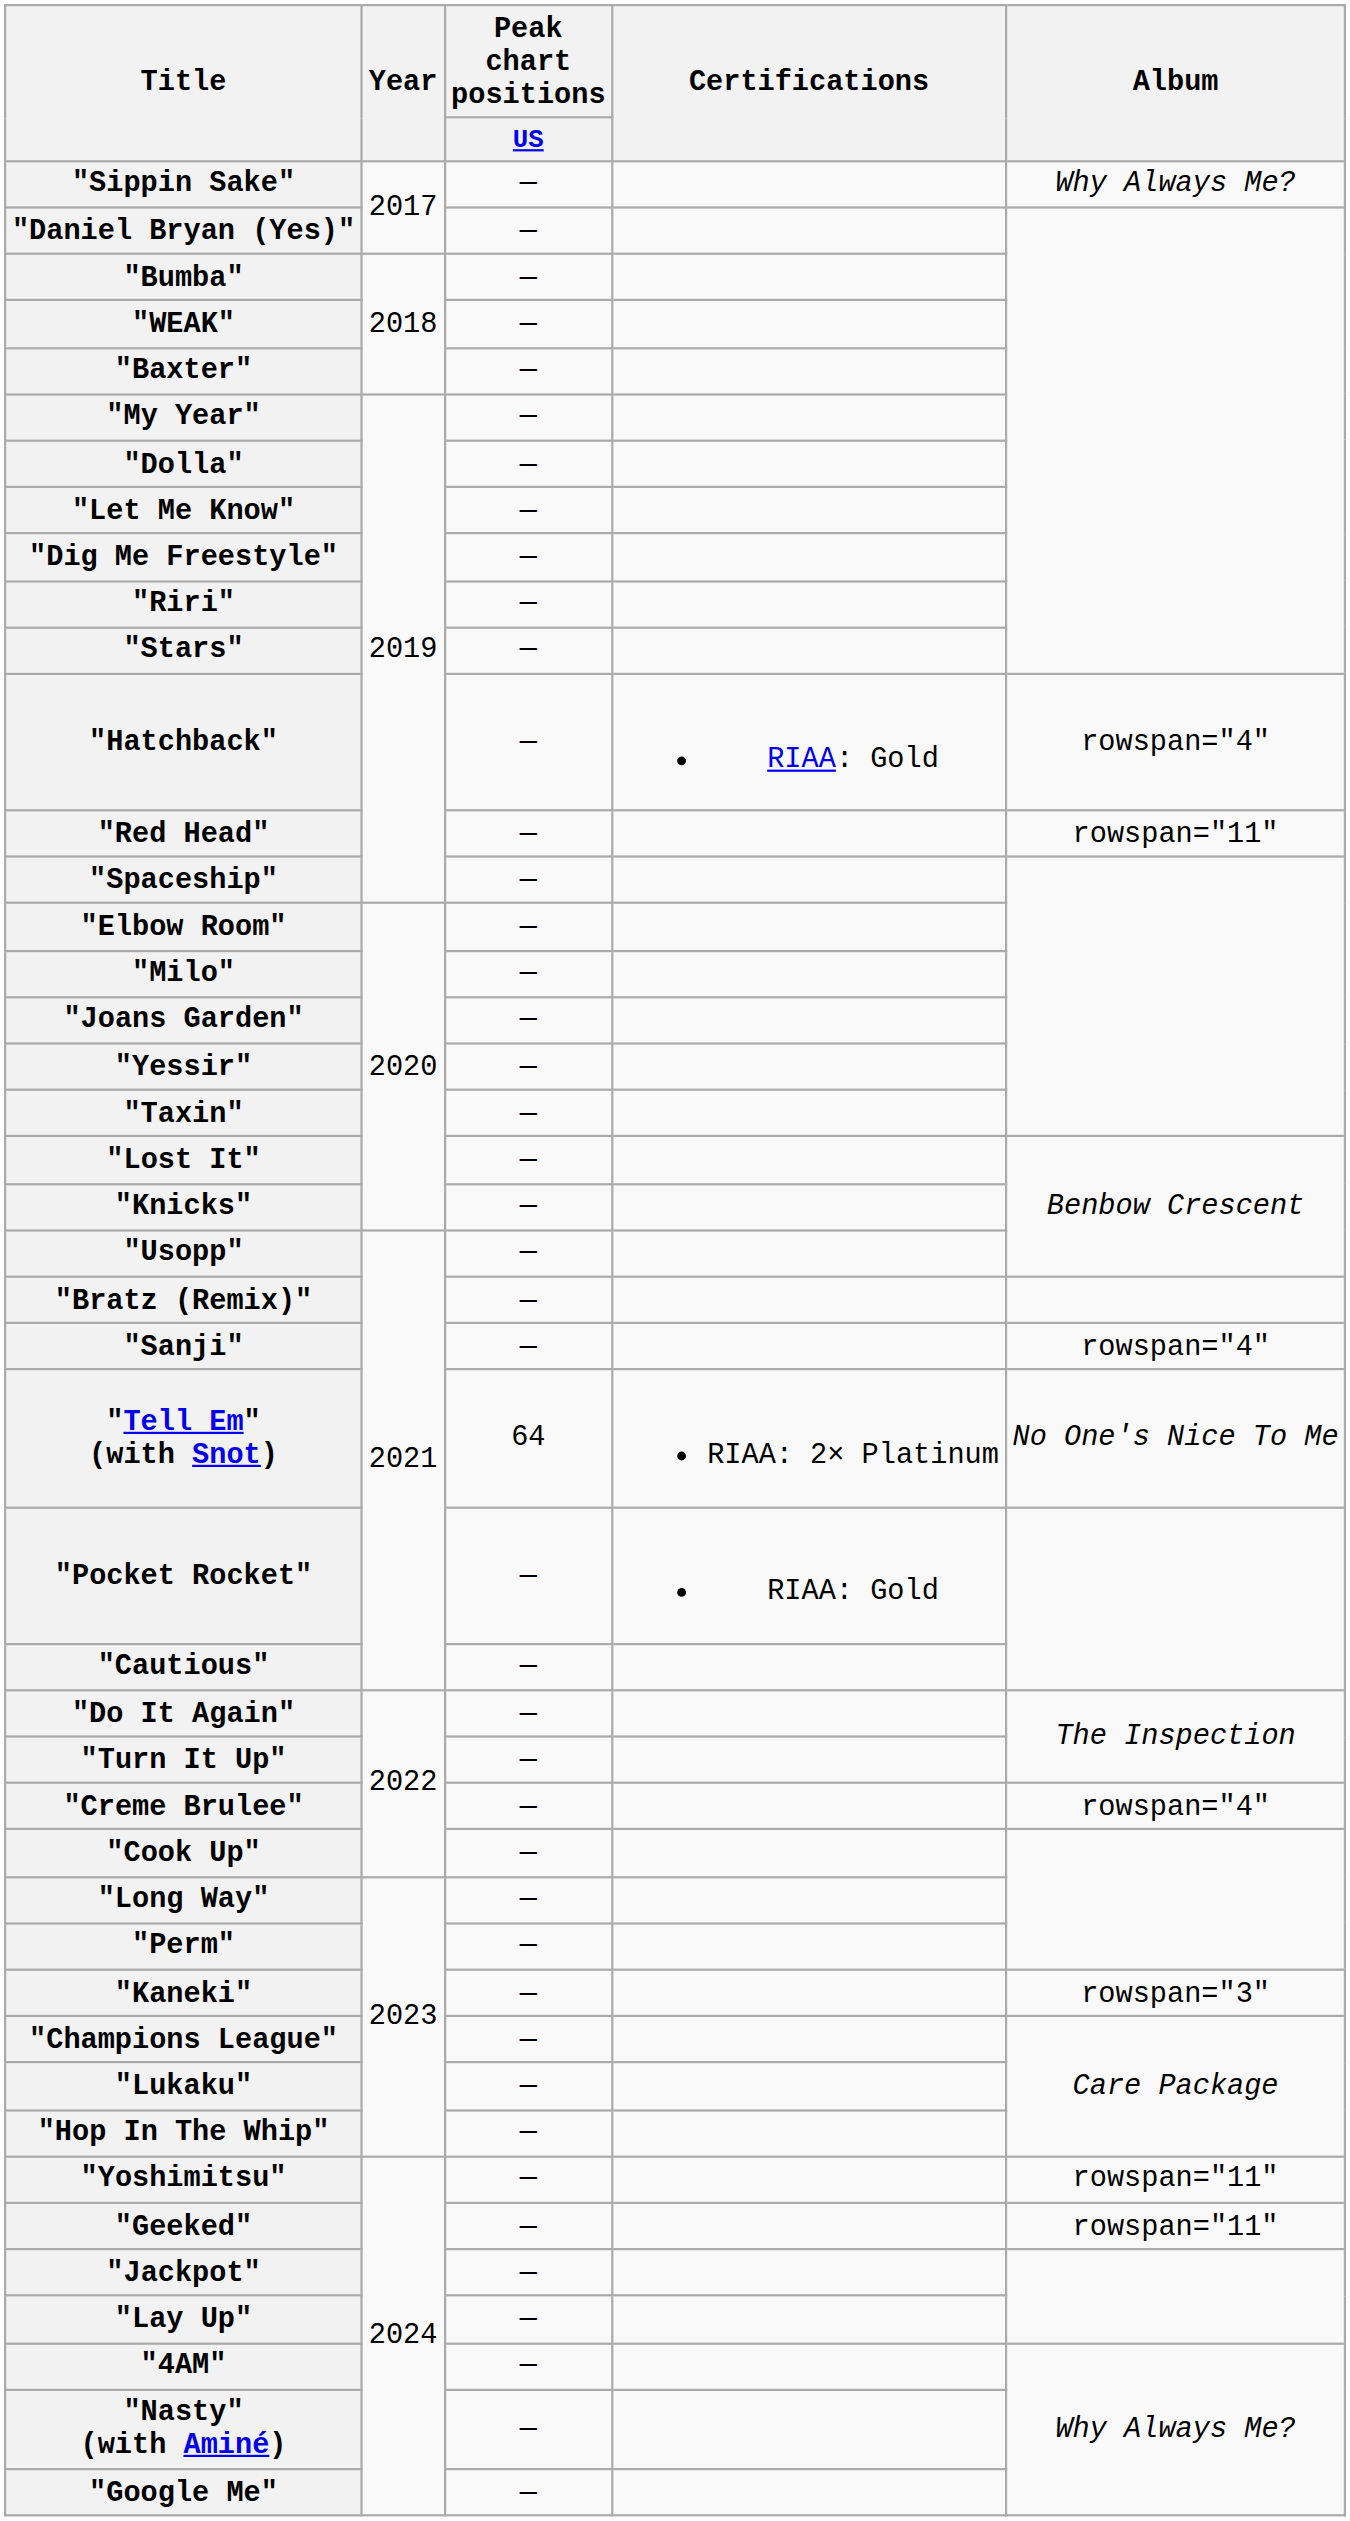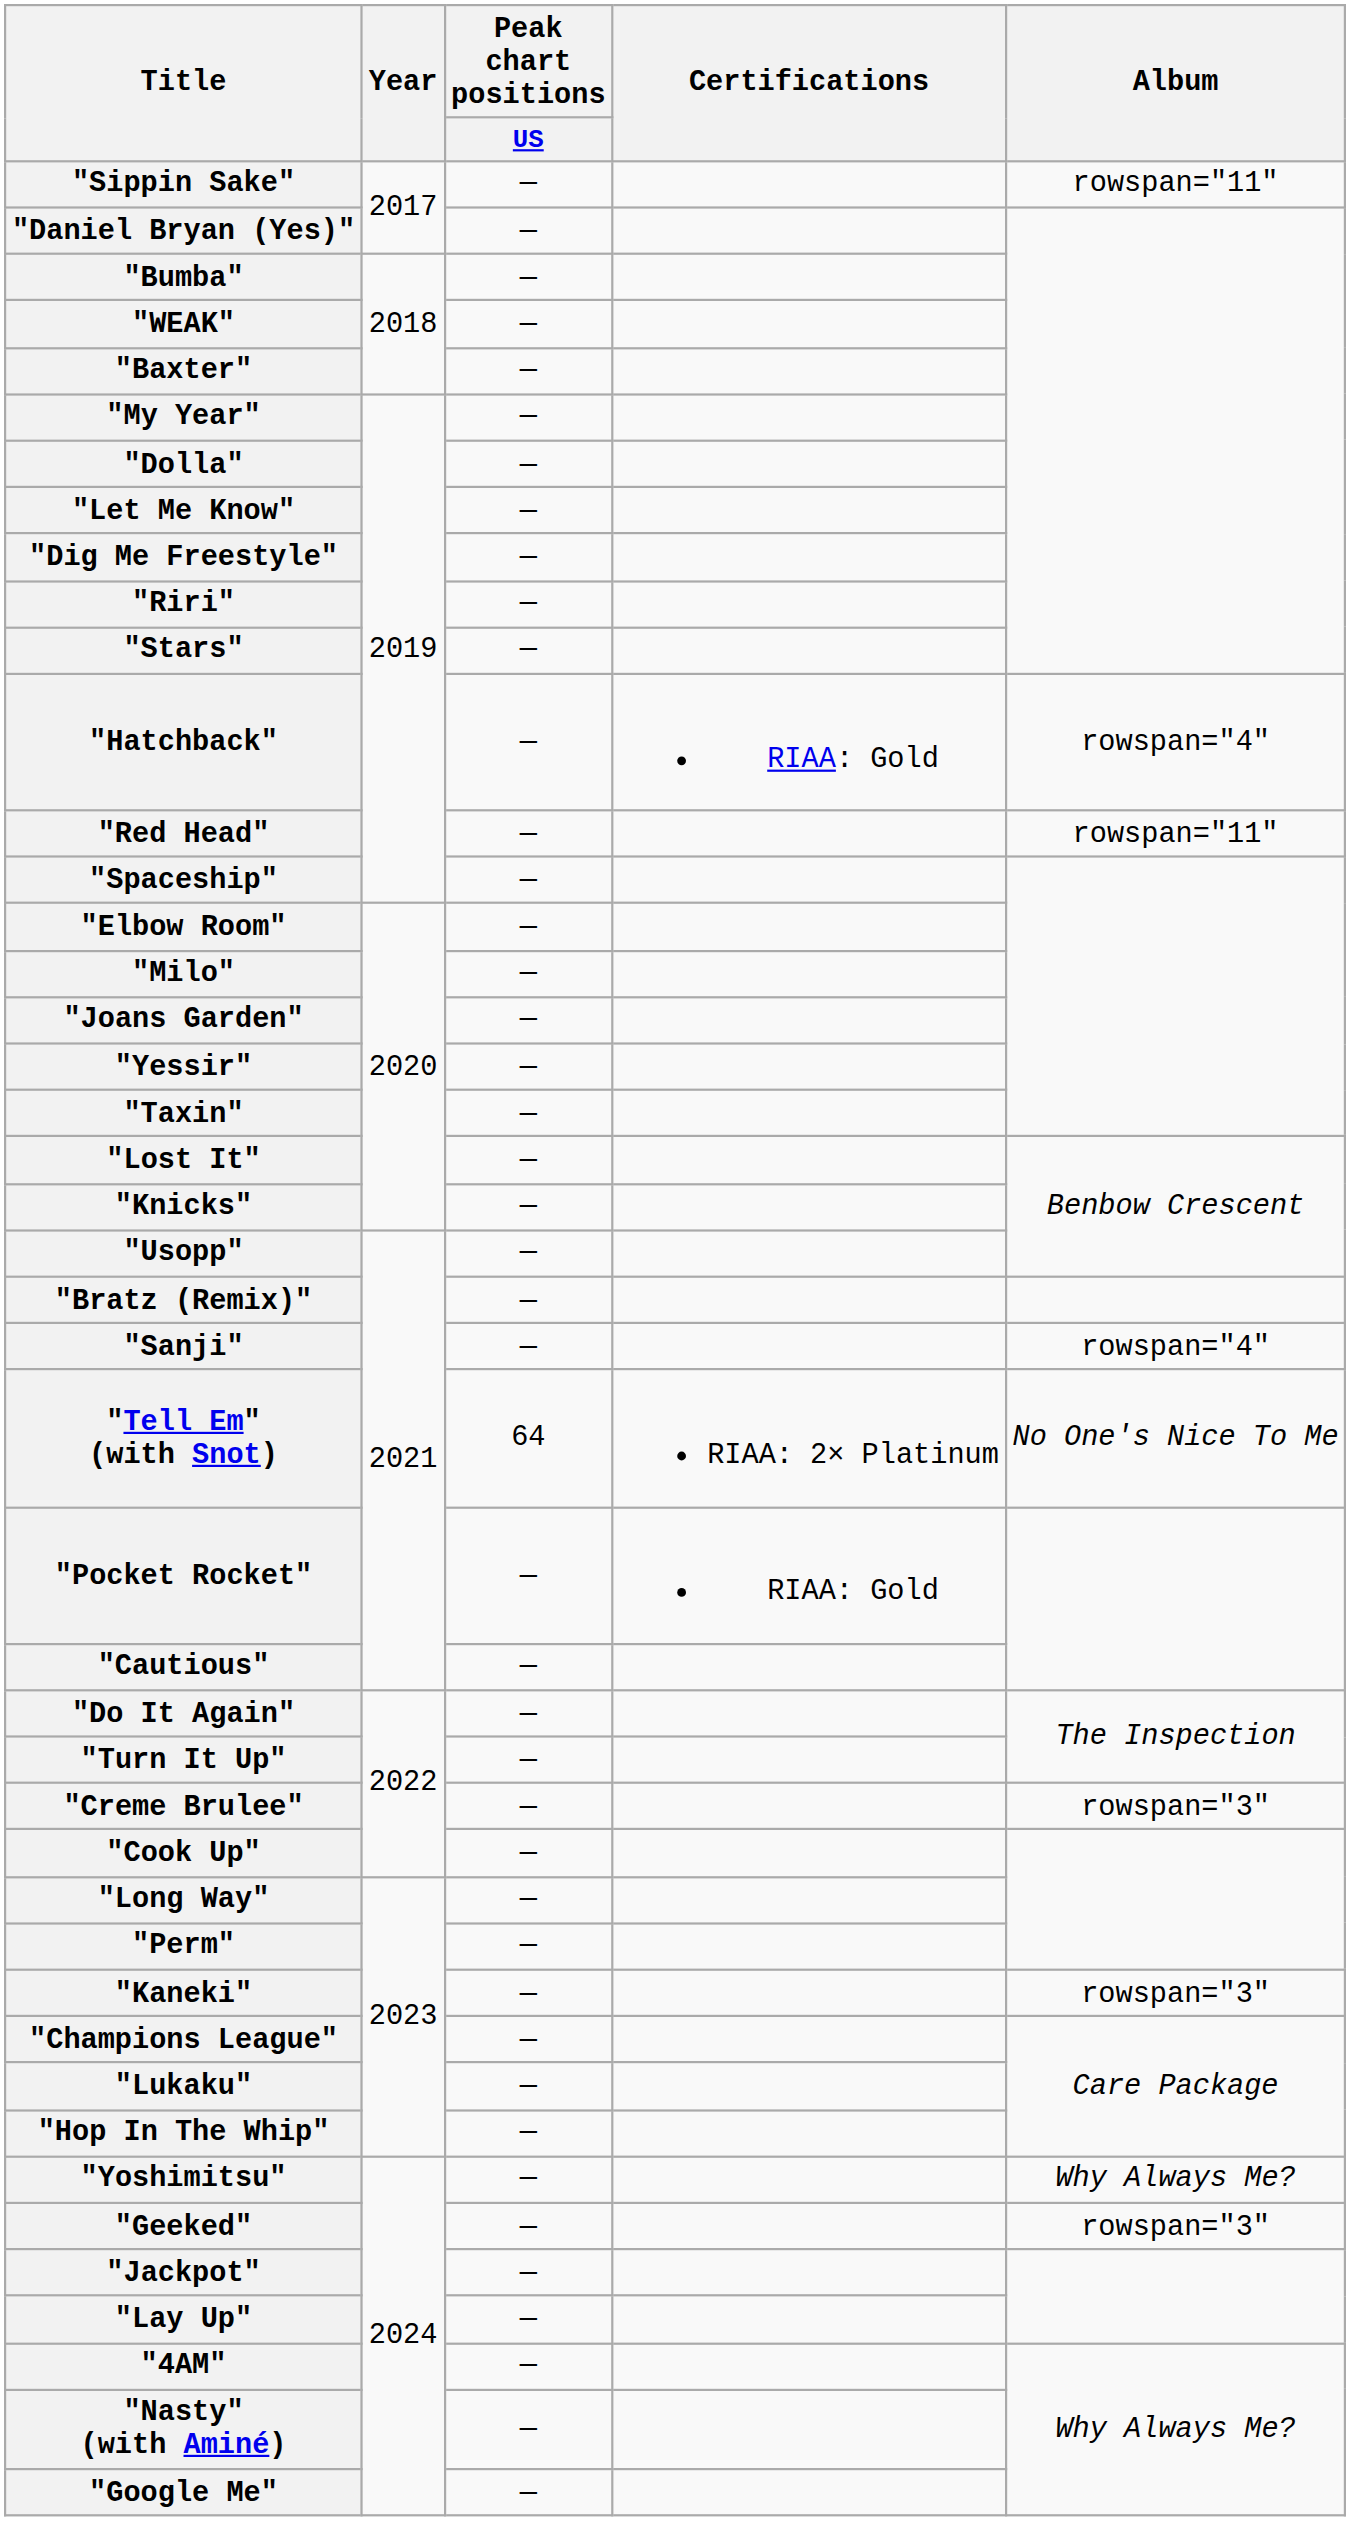 <table class="wikitable plainrowheaders" style="text-align:center;">
 <tr>
 <th scope="col" rowspan="2">Title</th>
 <th scope="col" rowspan="2">Year</th>
 <th colspan="1">Peak chart positions</th>
 <th scope="col" rowspan="2">Certifications</th>
 <th scope="col" rowspan="2">Album</th>
 </tr>
 <tr>
 <th scope="col" style="width:3em;font-size:90%;"><a href='#'>US</a></th>
 </tr>
 <tr>
 <th scope="row">"Sippin Sake"</th>
 <td rowspan="2">2017</td>
 <td>—</td>
 <td></td>
-<td rowspan="1"><em>Why Always Me?</em></td>
+<td>rowspan="11" </td>
 </tr>
 <tr>
 <th scope="row">"Daniel Bryan (Yes)"</th>
 <td>—</td>
 <td></td>
 </tr>
 <tr>
 <th scope="row">"Bumba"</th>
 <td rowspan="3">2018</td>
 <td>—</td>
 <td></td>
 </tr>
 <tr>
 <th scope="row">"WEAK"</th>
 <td>—</td>
 <td></td>
 </tr>
 <tr>
 <th scope="row">"Baxter"</th>
 <td>—</td>
 <td></td>
 </tr>
 <tr>
 <th scope="row">"My Year"</th>
 <td rowspan="9">2019</td>
 <td>—</td>
 <td></td>
 </tr>
 <tr>
 <th scope="row">"Dolla"</th>
 <td>—</td>
 <td></td>
 </tr>
 <tr>
 <th scope="row">"Let Me Know"</th>
 <td>—</td>
 <td></td>
 </tr>
 <tr>
 <th scope="row">"Dig Me Freestyle"</th>
 <td>—</td>
 <td></td>
 </tr>
 <tr>
 <th scope="row">"Riri"</th>
 <td>—</td>
 <td></td>
 </tr>
 <tr>
 <th scope="row">"Stars"</th>
 <td>—</td>
 <td></td>
 </tr>
 <tr>
 <th scope="row">"Hatchback"</th>
 <td>—</td>
 <td><br><ul><li><a href='#'>RIAA</a>: Gold</li></ul></td>
 <td>rowspan="4" </td>
 </tr>
 <tr>
 <th scope="row">"Red Head"</th>
 <td>—</td>
 <td></td>
 <td>rowspan="11" </td>
 </tr>
 <tr>
 <th scope="row">"Spaceship"</th>
 <td>—</td>
 <td></td>
 </tr>
 <tr>
 <th scope="row">"Elbow Room"</th>
 <td rowspan="7">2020</td>
 <td>—</td>
 <td></td>
 </tr>
 <tr>
 <th scope="row">"Milo"</th>
 <td>—</td>
 <td></td>
 </tr>
 <tr>
 <th scope="row">"Joans Garden"</th>
 <td>—</td>
 <td></td>
 </tr>
 <tr>
 <th scope="row">"Yessir"</th>
 <td>—</td>
 <td></td>
 </tr>
 <tr>
 <th scope="row">"Taxin"</th>
 <td>—</td>
 <td></td>
 </tr>
 <tr>
 <th scope="row">"Lost It"</th>
 <td>—</td>
 <td></td>
 <td rowspan="3"><em>Benbow Crescent</em></td>
 </tr>
 <tr>
 <th scope="row">"Knicks"</th>
 <td>—</td>
 <td></td>
 </tr>
 <tr>
 <th scope="row">"Usopp"</th>
 <td rowspan="6">2021</td>
 <td>—</td>
 <td></td>
 </tr>
 <tr>
 <th scope="row">"Bratz (Remix)"</th>
 <td>—</td>
 <td></td>
 <td><em></em></td>
 </tr>
 <tr>
 <th scope="row">"Sanji"</th>
 <td>—</td>
 <td></td>
 <td>rowspan="4" </td>
 </tr>
 <tr>
 <th scope="row">"<a href='#'>Tell Em</a>" <br><span>(with <a href='#'>Snot</a>)</span></th>
 <td>64</td>
 <td><br><ul><li>RIAA: 2× Platinum</li></ul></td>
 <td><em>No One's Nice To Me</em></td>
 </tr>
 <tr>
 <th scope="row">"Pocket Rocket"</th>
 <td>—</td>
 <td><br><ul><li>RIAA: Gold</li></ul></td>
 </tr>
 <tr>
 <th scope="row">"Cautious"</th>
 <td>—</td>
 <td></td>
 </tr>
 <tr>
 <th scope="row">"Do It Again"</th>
 <td rowspan="4">2022</td>
 <td>—</td>
 <td></td>
 <td rowspan="2"><em>The Inspection</em></td>
 </tr>
 <tr>
 <th scope="row">"Turn It Up"</th>
 <td>—</td>
 <td></td>
 </tr>
 <tr>
 <th scope="row">"Creme Brulee"</th>
 <td>—</td>
 <td></td>
-<td>rowspan="4" </td>
+<td>rowspan="3" </td>
 </tr>
 <tr>
 <th scope="row">"Cook Up"</th>
 <td>—</td>
 <td></td>
 </tr>
 <tr>
 <th scope="row">"Long Way"</th>
 <td rowspan="6">2023</td>
 <td>—</td>
 <td></td>
 </tr>
 <tr>
 <th scope="row">"Perm"</th>
 <td>—</td>
 <td></td>
 </tr>
 <tr>
 <th scope="row">"Kaneki"</th>
 <td>—</td>
 <td></td>
 <td>rowspan="3" </td>
 </tr>
 <tr>
 <th scope="row">"Champions League"</th>
 <td>—</td>
 <td></td>
 <td rowspan="3"><em>Care Package</em></td>
 </tr>
 <tr>
 <th scope="row">"Lukaku"</th>
 <td>—</td>
 <td></td>
 </tr>
 <tr>
 <th scope="row">"Hop In The Whip"</th>
 <td>—</td>
 <td></td>
 </tr>
 <tr>
 <th scope="row">"Yoshimitsu"</th>
 <td rowspan="7">2024</td>
 <td>—</td>
 <td></td>
-<td>rowspan="11" </td>
+<td rowspan="1"><em>Why Always Me?</em></td>
 </tr>
 <tr>
 <th scope="row">"Geeked"</th>
 <td>—</td>
 <td></td>
-<td>rowspan="11" </td>
+<td>rowspan="3" </td>
 </tr>
 <tr>
 <th scope="row">"Jackpot"</th>
 <td>—</td>
 <td></td>
 </tr>
 <tr>
 <th scope="row">"Lay Up"</th>
 <td>—</td>
 <td></td>
 </tr>
 <tr>
 <th scope="row">"4AM"</th>
 <td>—</td>
 <td></td>
 <td rowspan="3"><em>Why Always Me?</em></td>
 </tr>
 <tr>
 <th scope="row">"Nasty" <br><span>(with <a href='#'>Aminé</a>)</span></th>
 <td>—</td>
 <td></td>
 </tr>
 <tr>
 <th scope="row">"Google Me"</th>
 <td>—</td>
 <td></td>
 </tr>
 </table>
